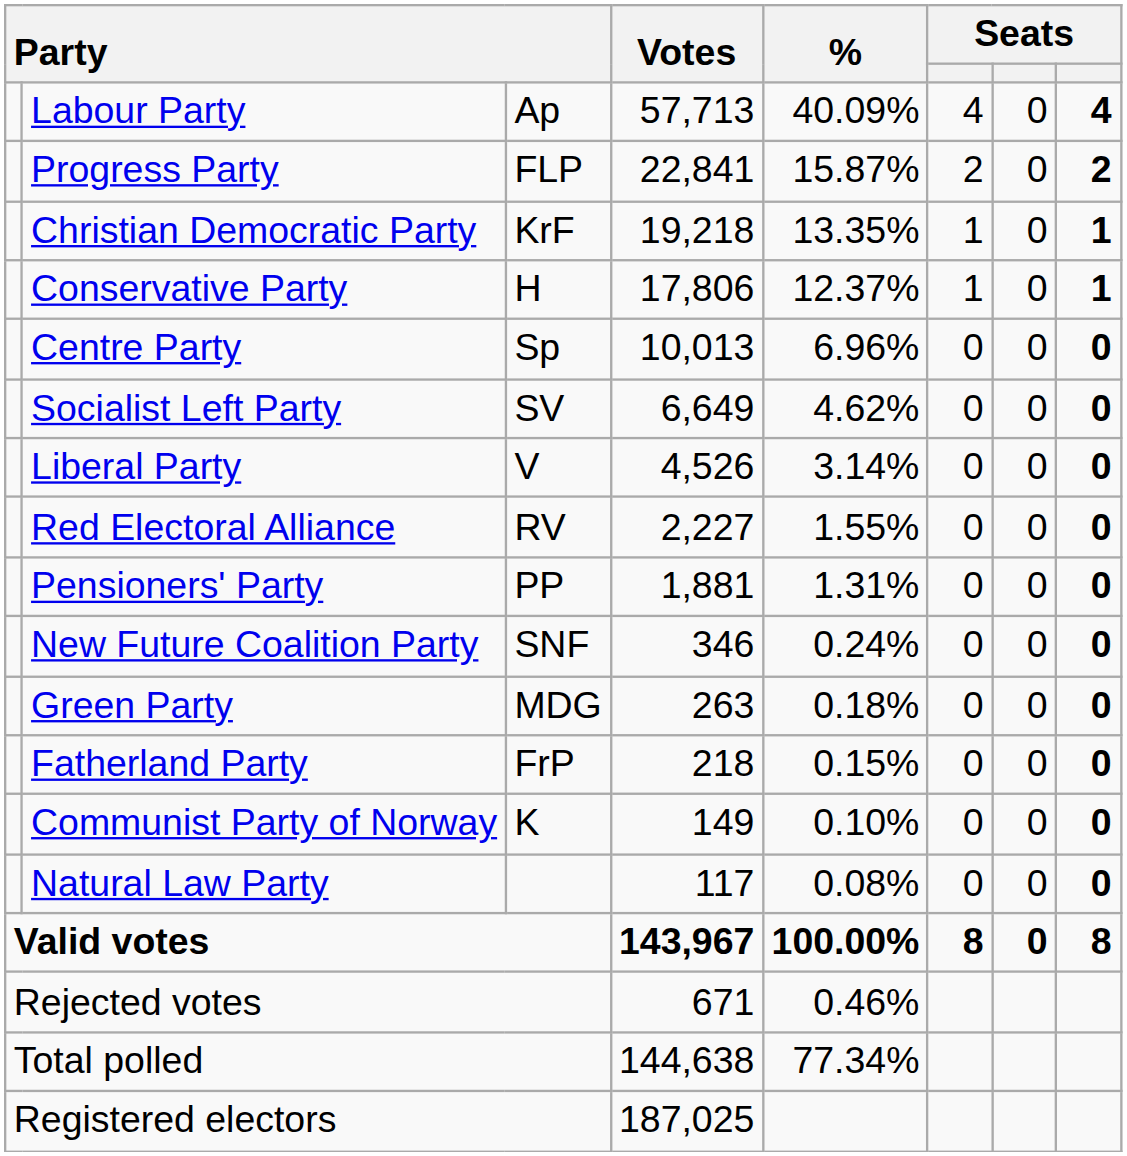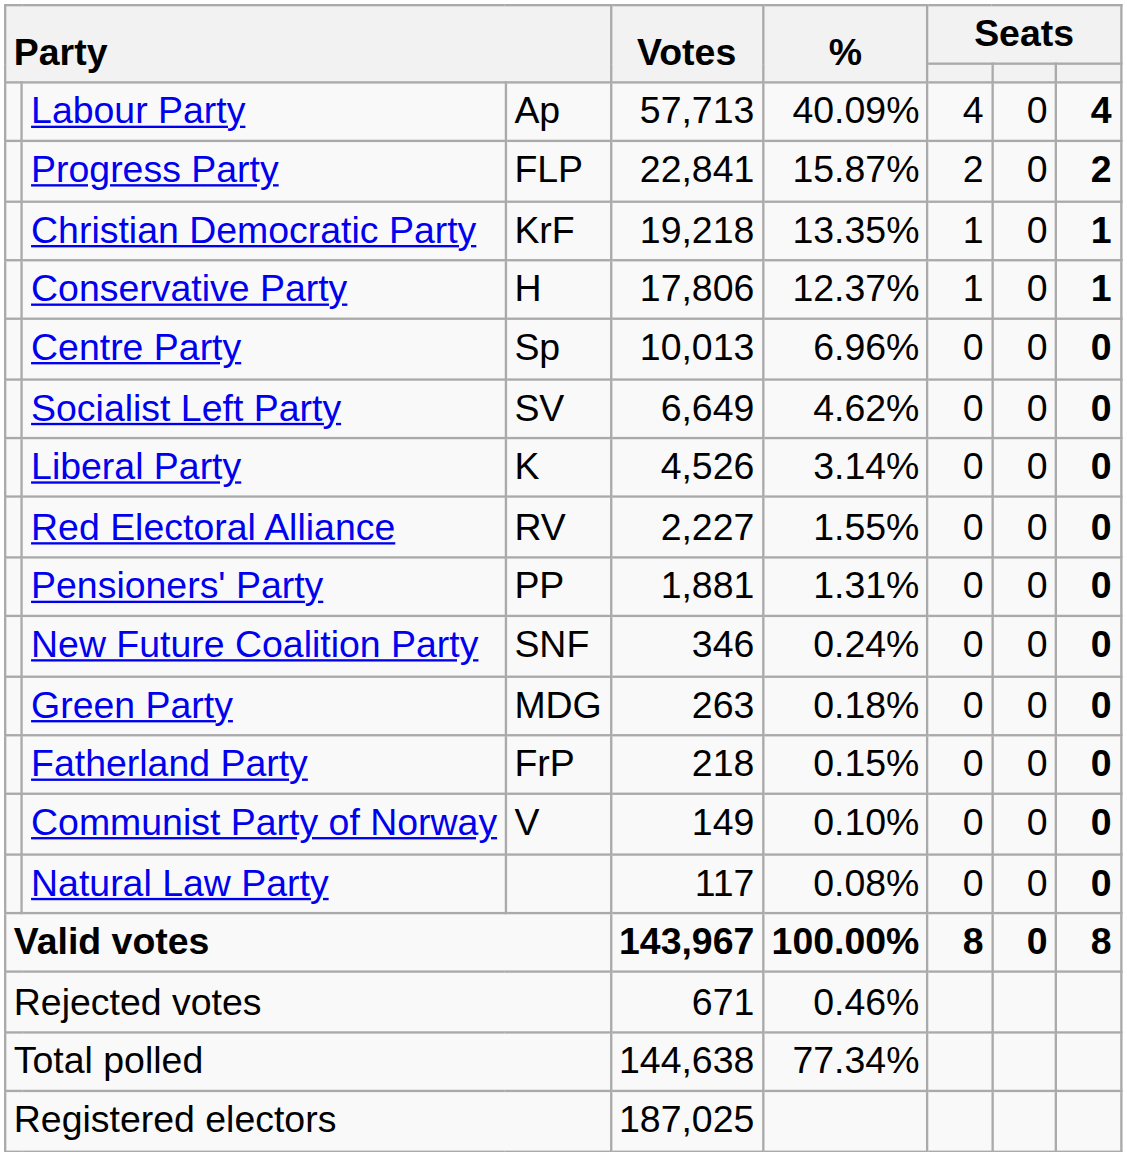 <table class="wikitable" border="1" style="text-align:right;">
 <tr>
 <th style="text-align:left;" valign=bottom rowspan=2 colspan=3>Party</th>
 <th align=center valign=bottom rowspan=2 width="50">Votes</th>
 <th align=center valign=bottom rowspan=2 width="50">%</th>
 <th colspan=3>Seats</th>
 </tr>
 <tr>
 <th align=center valign=bottom width="20"><small></small></th>
 <th align=center valign=bottom width="20"><small><a href='#'></a></small></th>
 <th align=center valign=bottom width="20"><small></small></th>
 </tr>
 <tr>
 <td style="color:inherit;background:"></td>
 <td align=left><a href='#'>Labour Party</a></td>
 <td align=left>Ap</td>
 <td>57,713</td>
 <td>40.09%</td>
 <td>4</td>
 <td>0</td>
 <td><strong>4</strong></td>
 </tr>
 <tr>
 <td style="color:inherit;background:"></td>
 <td align=left><a href='#'>Progress Party</a></td>
 <td align=left>FLP</td>
 <td>22,841</td>
 <td>15.87%</td>
 <td>2</td>
 <td>0</td>
 <td><strong>2</strong></td>
 </tr>
 <tr>
 <td style="color:inherit;background:"></td>
 <td align=left><a href='#'>Christian Democratic Party</a></td>
 <td align=left>KrF</td>
 <td>19,218</td>
 <td>13.35%</td>
 <td>1</td>
 <td>0</td>
 <td><strong>1</strong></td>
 </tr>
 <tr>
 <td style="color:inherit;background:"></td>
 <td align=left><a href='#'>Conservative Party</a></td>
 <td align=left>H</td>
 <td>17,806</td>
 <td>12.37%</td>
 <td>1</td>
 <td>0</td>
 <td><strong>1</strong></td>
 </tr>
 <tr>
 <td style="color:inherit;background:"></td>
 <td align=left><a href='#'>Centre Party</a></td>
 <td align=left>Sp</td>
 <td>10,013</td>
 <td>6.96%</td>
 <td>0</td>
 <td>0</td>
 <td><strong>0</strong></td>
 </tr>
 <tr>
 <td style="color:inherit;background:"></td>
 <td align=left><a href='#'>Socialist Left Party</a></td>
 <td align=left>SV</td>
 <td>6,649</td>
 <td>4.62%</td>
 <td>0</td>
 <td>0</td>
 <td><strong>0</strong></td>
 </tr>
 <tr>
 <td style="color:inherit;background:"></td>
 <td align=left><a href='#'>Liberal Party</a></td>
-<td align=left>V</td>
+<td align=left>K</td>
 <td>4,526</td>
 <td>3.14%</td>
 <td>0</td>
 <td>0</td>
 <td><strong>0</strong></td>
 </tr>
 <tr>
 <td style="color:inherit;background:"></td>
 <td align=left><a href='#'>Red Electoral Alliance</a></td>
 <td align=left>RV</td>
 <td>2,227</td>
 <td>1.55%</td>
 <td>0</td>
 <td>0</td>
 <td><strong>0</strong></td>
 </tr>
 <tr>
 <td style="color:inherit;background:"></td>
 <td align=left><a href='#'>Pensioners' Party</a></td>
 <td align=left>PP</td>
 <td>1,881</td>
 <td>1.31%</td>
 <td>0</td>
 <td>0</td>
 <td><strong>0</strong></td>
 </tr>
 <tr>
 <td style="color:inherit;background:"></td>
 <td align=left><a href='#'>New Future Coalition Party</a></td>
 <td align=left>SNF</td>
 <td>346</td>
 <td>0.24%</td>
 <td>0</td>
 <td>0</td>
 <td><strong>0</strong></td>
 </tr>
 <tr>
 <td style="color:inherit;background:"></td>
 <td align=left><a href='#'>Green Party</a></td>
 <td align=left>MDG</td>
 <td>263</td>
 <td>0.18%</td>
 <td>0</td>
 <td>0</td>
 <td><strong>0</strong></td>
 </tr>
 <tr>
 <td style="color:inherit;background:"></td>
 <td align=left><a href='#'>Fatherland Party</a></td>
 <td align=left>FrP</td>
 <td>218</td>
 <td>0.15%</td>
 <td>0</td>
 <td>0</td>
 <td><strong>0</strong></td>
 </tr>
 <tr>
 <td style="color:inherit;background:"></td>
 <td align=left><a href='#'>Communist Party of Norway</a></td>
-<td align=left>K</td>
+<td align=left>V</td>
 <td>149</td>
 <td>0.10%</td>
 <td>0</td>
 <td>0</td>
 <td><strong>0</strong></td>
 </tr>
 <tr>
 <td></td>
 <td align=left><a href='#'>Natural Law Party</a></td>
 <td align=left></td>
 <td>117</td>
 <td>0.08%</td>
 <td>0</td>
 <td>0</td>
 <td><strong>0</strong></td>
 </tr>
 <tr style="font-weight:bold">
 <td align=left colspan=3>Valid votes</td>
 <td>143,967</td>
 <td>100.00%</td>
 <td>8</td>
 <td>0</td>
 <td>8</td>
 </tr>
 <tr>
 <td align=left colspan=3>Rejected votes</td>
 <td>671</td>
 <td>0.46%</td>
 <td></td>
 <td></td>
 <td></td>
 </tr>
 <tr>
 <td align=left colspan=3>Total polled</td>
 <td>144,638</td>
 <td>77.34%</td>
 <td></td>
 <td></td>
 <td></td>
 </tr>
 <tr>
 <td align=left colspan=3>Registered electors</td>
 <td>187,025</td>
 <td></td>
 <td></td>
 <td></td>
 <td></td>
 </tr>
 </table>
